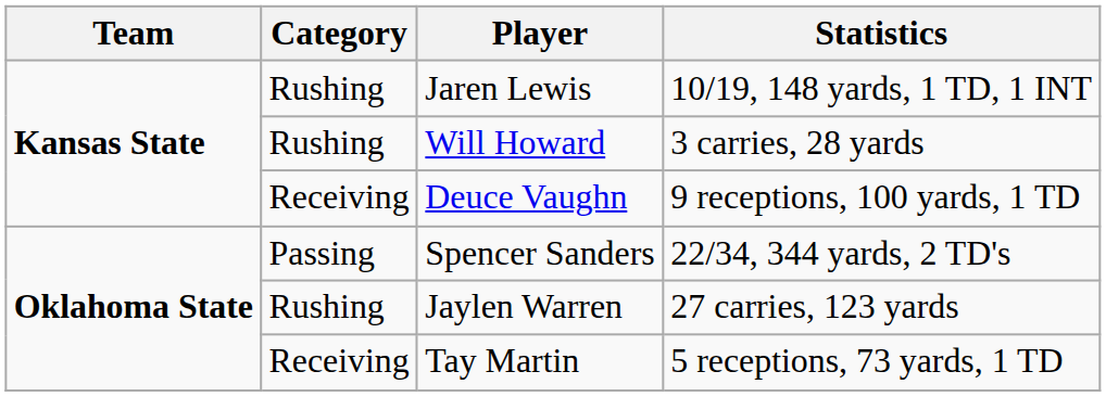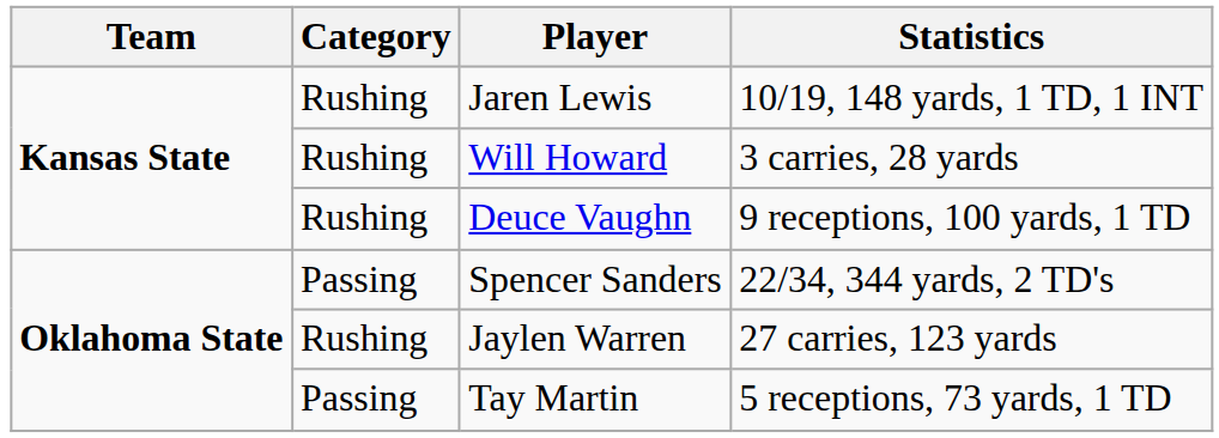 <table class="wikitable" style="float: right;">
 <tr>
 <th>Team</th>
 <th>Category</th>
 <th>Player</th>
 <th>Statistics</th>
 </tr>
 <tr>
 <td rowspan=3><strong>Kansas State</strong></td>
 <td>Rushing</td>
 <td>Jaren Lewis</td>
 <td>10/19, 148 yards, 1 TD, 1 INT</td>
 </tr>
 <tr>
 <td>Rushing</td>
 <td><a href='#'>Will Howard</a></td>
 <td>3 carries, 28 yards</td>
 </tr>
 <tr>
-<td>Receiving</td>
+<td>Rushing</td>
 <td><a href='#'>Deuce Vaughn</a></td>
 <td>9 receptions, 100 yards, 1 TD</td>
 </tr>
 <tr>
 <td rowspan=3><strong>Oklahoma State</strong></td>
 <td>Passing</td>
 <td>Spencer Sanders</td>
 <td>22/34, 344 yards, 2 TD's</td>
 </tr>
 <tr>
 <td>Rushing</td>
 <td>Jaylen Warren</td>
 <td>27 carries, 123 yards</td>
 </tr>
 <tr>
-<td>Receiving</td>
+<td>Passing</td>
 <td>Tay Martin</td>
 <td>5 receptions, 73 yards, 1 TD</td>
 </tr>
 </table>
